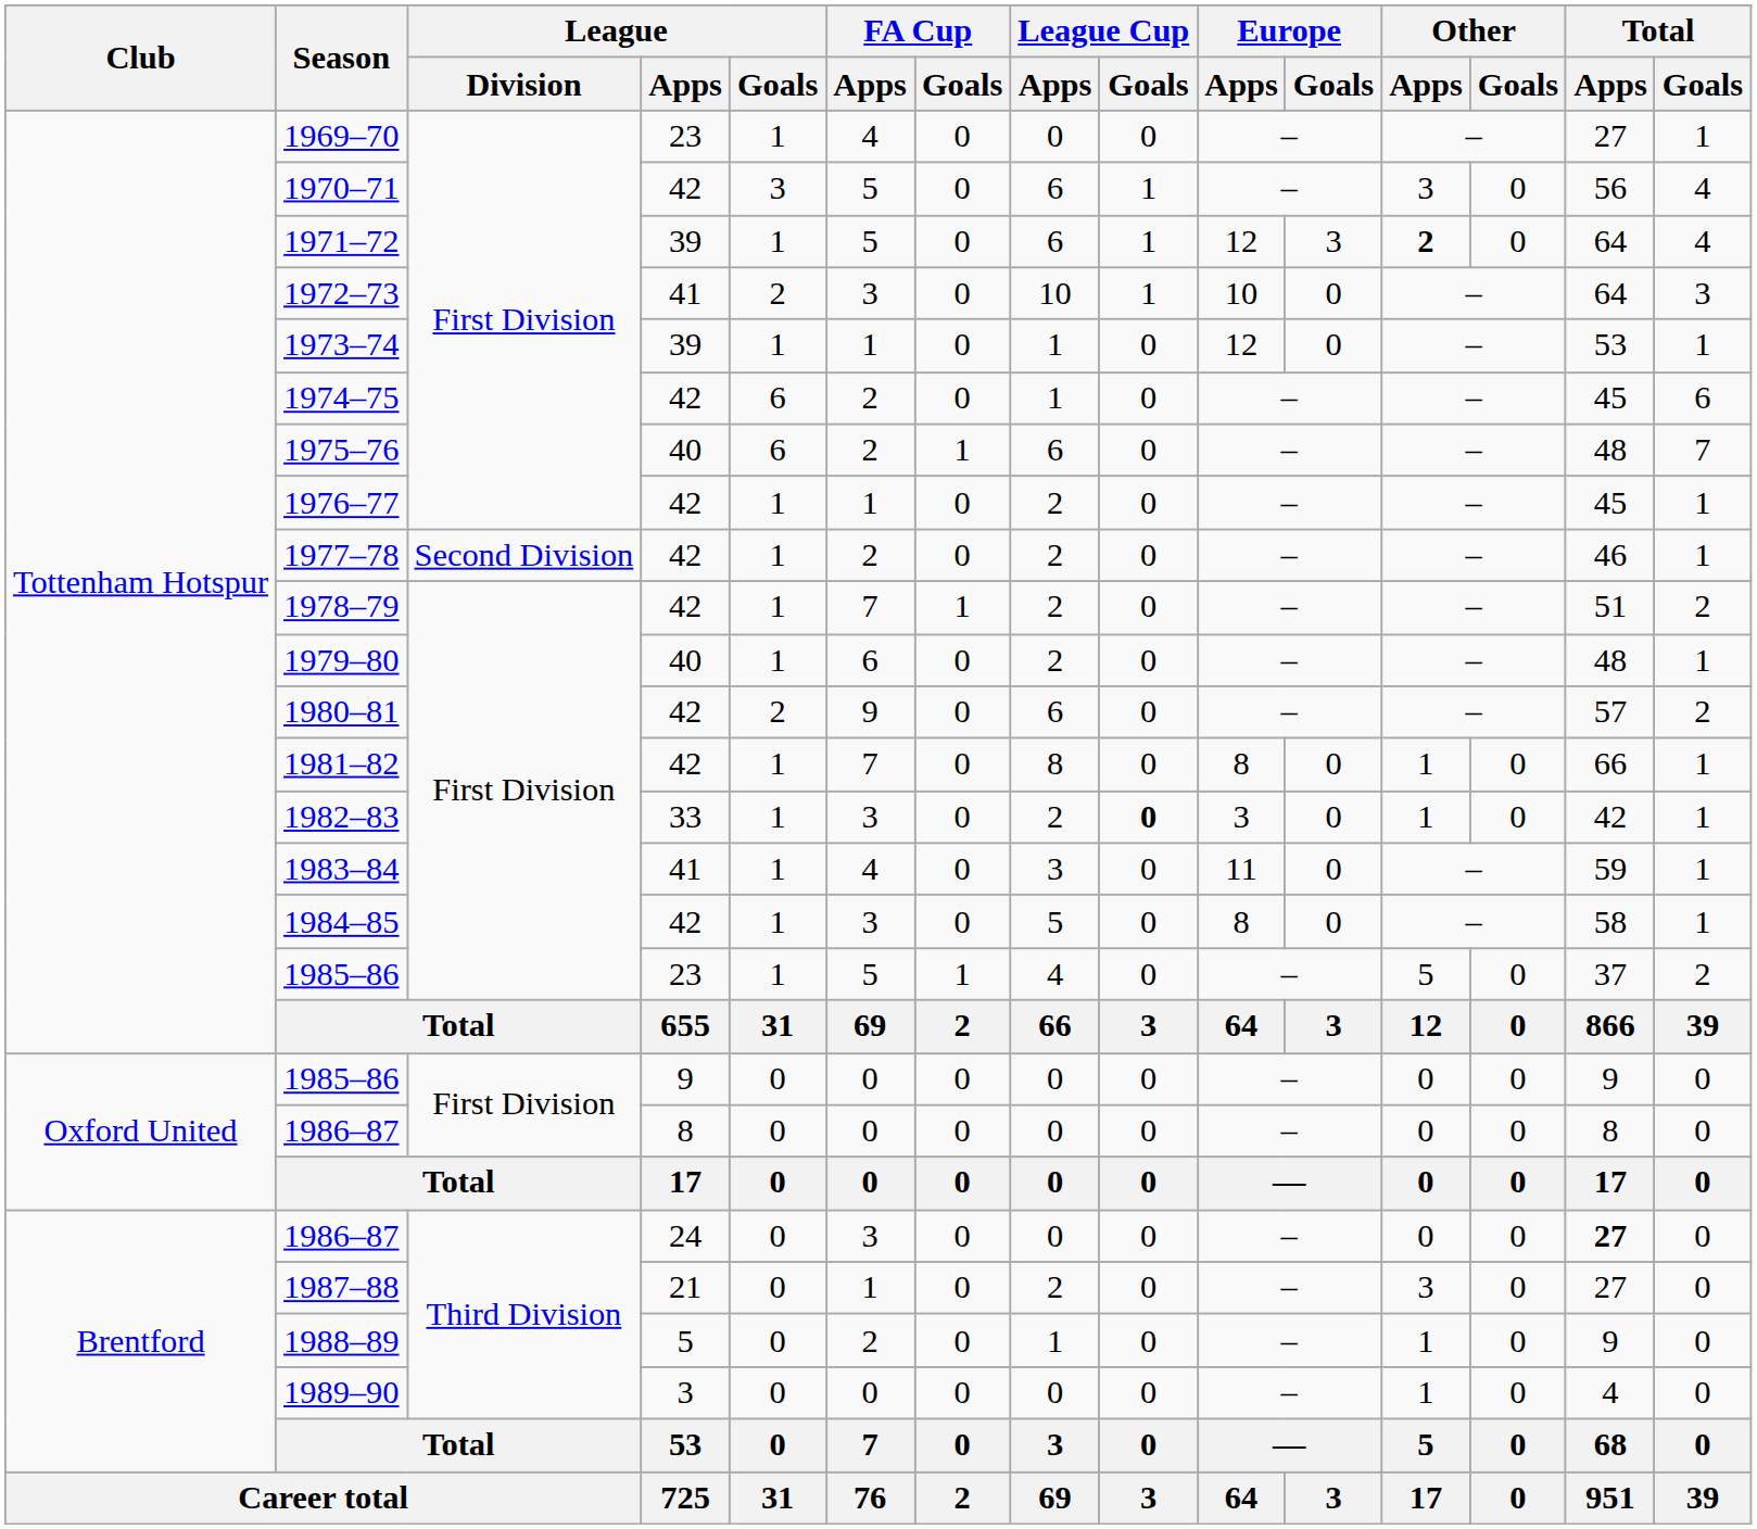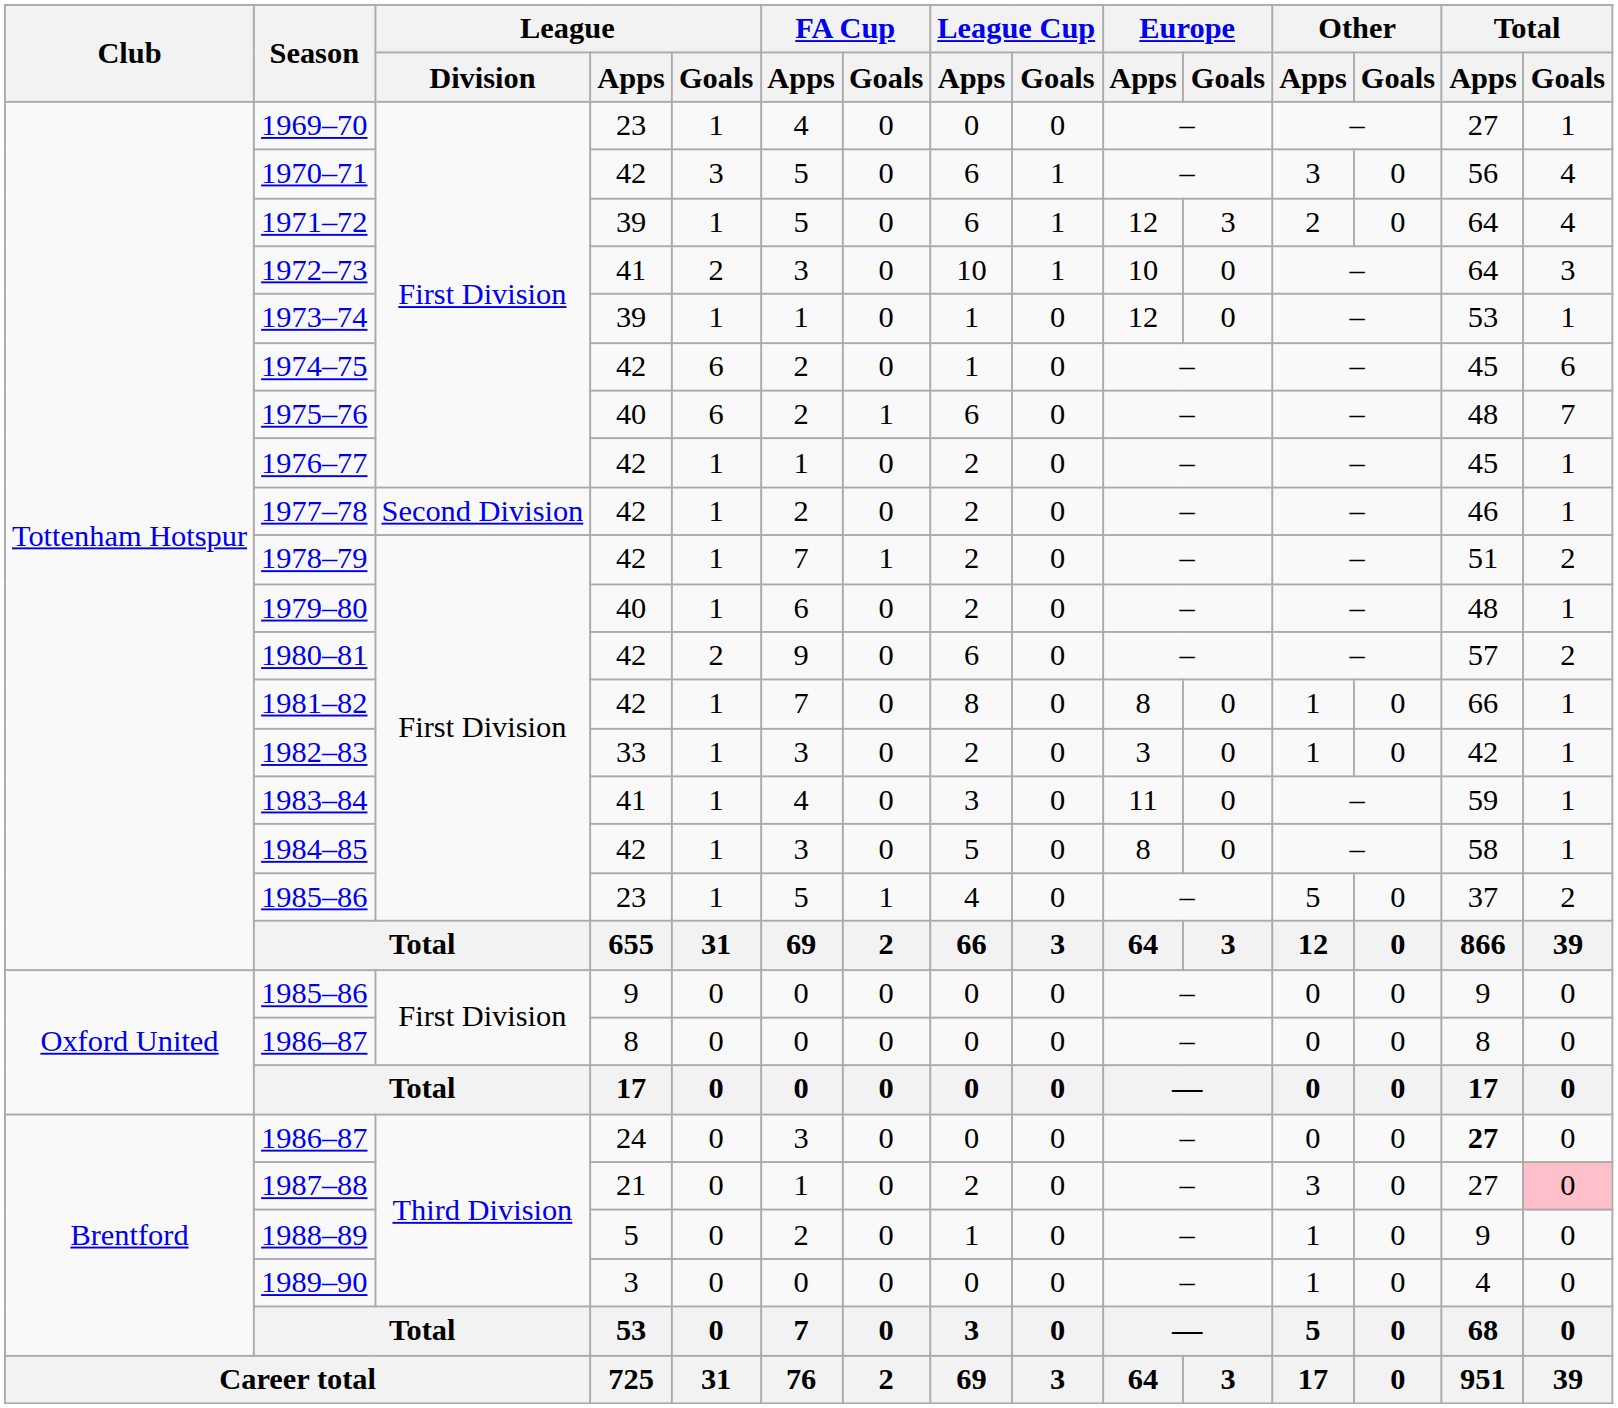 <table class="wikitable" style="text-align:center">
 <tr>
 <th rowspan="2">Club</th>
 <th rowspan="2">Season</th>
 <th colspan="3">League</th>
 <th colspan="2"><a href='#'>FA Cup</a></th>
 <th colspan="2"><a href='#'>League Cup</a></th>
 <th colspan="2"><a href='#'>Europe</a></th>
 <th colspan=2>Other</th>
 <th colspan="2">Total</th>
 </tr>
 <tr>
 <th>Division</th>
 <th>Apps</th>
 <th>Goals</th>
 <th>Apps</th>
 <th>Goals</th>
 <th>Apps</th>
 <th>Goals</th>
 <th>Apps</th>
 <th>Goals</th>
 <th>Apps</th>
 <th>Goals</th>
 <th>Apps</th>
 <th>Goals</th>
 </tr>
 <tr>
 <td rowspan="18"><a href='#'>Tottenham Hotspur</a></td>
 <td><a href='#'>1969–70</a></td>
 <td rowspan="8"><a href='#'>First Division</a></td>
 <td>23</td>
 <td>1</td>
 <td>4</td>
 <td>0</td>
 <td>0</td>
 <td>0</td>
 <td colspan="2">–</td>
 <td colspan="2">–</td>
 <td>27</td>
 <td>1</td>
 </tr>
 <tr>
 <td><a href='#'>1970–71</a></td>
 <td>42</td>
 <td>3</td>
 <td>5</td>
 <td>0</td>
 <td>6</td>
 <td>1</td>
 <td colspan="2">–</td>
 <td>3</td>
 <td>0</td>
 <td>56</td>
 <td>4</td>
 </tr>
 <tr>
 <td><a href='#'>1971–72</a></td>
 <td>39</td>
 <td>1</td>
 <td>5</td>
 <td>0</td>
 <td>6</td>
 <td>1</td>
 <td>12</td>
 <td>3</td>
-<td><strong>2</strong></td>
+<td>2</td>
 <td>0</td>
 <td>64</td>
 <td>4</td>
 </tr>
 <tr>
 <td><a href='#'>1972–73</a></td>
 <td>41</td>
 <td>2</td>
 <td>3</td>
 <td>0</td>
 <td>10</td>
 <td>1</td>
 <td>10</td>
 <td>0</td>
 <td colspan="2">–</td>
 <td>64</td>
 <td>3</td>
 </tr>
 <tr>
 <td><a href='#'>1973–74</a></td>
 <td>39</td>
 <td>1</td>
 <td>1</td>
 <td>0</td>
 <td>1</td>
 <td>0</td>
 <td>12</td>
 <td>0</td>
 <td colspan="2">–</td>
 <td>53</td>
 <td>1</td>
 </tr>
 <tr>
 <td><a href='#'>1974–75</a></td>
 <td>42</td>
 <td>6</td>
 <td>2</td>
 <td>0</td>
 <td>1</td>
 <td>0</td>
 <td colspan="2">–</td>
 <td colspan="2">–</td>
 <td>45</td>
 <td>6</td>
 </tr>
 <tr>
 <td><a href='#'>1975–76</a></td>
 <td>40</td>
 <td>6</td>
 <td>2</td>
 <td>1</td>
 <td>6</td>
 <td>0</td>
 <td colspan="2">–</td>
 <td colspan="2">–</td>
 <td>48</td>
 <td>7</td>
 </tr>
 <tr>
 <td><a href='#'>1976–77</a></td>
 <td>42</td>
 <td>1</td>
 <td>1</td>
 <td>0</td>
 <td>2</td>
 <td>0</td>
 <td colspan="2">–</td>
 <td colspan="2">–</td>
 <td>45</td>
 <td>1</td>
 </tr>
 <tr>
 <td><a href='#'>1977–78</a></td>
 <td><a href='#'>Second Division</a></td>
 <td>42</td>
 <td>1</td>
 <td>2</td>
 <td>0</td>
 <td>2</td>
 <td>0</td>
 <td colspan="2">–</td>
 <td colspan="2">–</td>
 <td>46</td>
 <td>1</td>
 </tr>
 <tr>
 <td><a href='#'>1978–79</a></td>
 <td rowspan="8">First Division</td>
 <td>42</td>
 <td>1</td>
 <td>7</td>
 <td>1</td>
 <td>2</td>
 <td>0</td>
 <td colspan="2">–</td>
 <td colspan="2">–</td>
 <td>51</td>
 <td>2</td>
 </tr>
 <tr>
 <td><a href='#'>1979–80</a></td>
 <td>40</td>
 <td>1</td>
 <td>6</td>
 <td>0</td>
 <td>2</td>
 <td>0</td>
 <td colspan="2">–</td>
 <td colspan="2">–</td>
 <td>48</td>
 <td>1</td>
 </tr>
 <tr>
 <td><a href='#'>1980–81</a></td>
 <td>42</td>
 <td>2</td>
 <td>9</td>
 <td>0</td>
 <td>6</td>
 <td>0</td>
 <td colspan="2">–</td>
 <td colspan="2">–</td>
 <td>57</td>
 <td>2</td>
 </tr>
 <tr>
 <td><a href='#'>1981–82</a></td>
 <td>42</td>
 <td>1</td>
 <td>7</td>
 <td>0</td>
 <td>8</td>
 <td>0</td>
 <td>8</td>
 <td>0</td>
 <td>1</td>
 <td>0</td>
 <td>66</td>
 <td>1</td>
 </tr>
 <tr>
 <td><a href='#'>1982–83</a></td>
 <td>33</td>
 <td>1</td>
 <td>3</td>
 <td>0</td>
 <td>2</td>
-<td><strong>0</strong></td>
+<td>0</td>
 <td>3</td>
 <td>0</td>
 <td>1</td>
 <td>0</td>
 <td>42</td>
 <td>1</td>
 </tr>
 <tr>
 <td><a href='#'>1983–84</a></td>
 <td>41</td>
 <td>1</td>
 <td>4</td>
 <td>0</td>
 <td>3</td>
 <td>0</td>
 <td>11</td>
 <td>0</td>
 <td colspan="2">–</td>
 <td>59</td>
 <td>1</td>
 </tr>
 <tr>
 <td><a href='#'>1984–85</a></td>
 <td>42</td>
 <td>1</td>
 <td>3</td>
 <td>0</td>
 <td>5</td>
 <td>0</td>
 <td>8</td>
 <td>0</td>
 <td colspan="2">–</td>
 <td>58</td>
 <td>1</td>
 </tr>
 <tr>
 <td><a href='#'>1985–86</a></td>
 <td>23</td>
 <td>1</td>
 <td>5</td>
 <td>1</td>
 <td>4</td>
 <td>0</td>
 <td colspan="2">–</td>
 <td>5</td>
 <td>0</td>
 <td>37</td>
 <td>2</td>
 </tr>
 <tr>
 <th colspan="2">Total</th>
 <th>655</th>
 <th>31</th>
 <th>69</th>
 <th>2</th>
 <th>66</th>
 <th>3</th>
 <th>64</th>
 <th>3</th>
 <th>12</th>
 <th>0</th>
 <th>866</th>
 <th>39</th>
 </tr>
 <tr>
 <td rowspan="3"><a href='#'>Oxford United</a></td>
 <td><a href='#'>1985–86</a></td>
 <td rowspan="2">First Division</td>
 <td>9</td>
 <td>0</td>
 <td>0</td>
 <td>0</td>
 <td>0</td>
 <td>0</td>
 <td colspan="2">–</td>
 <td>0</td>
 <td>0</td>
 <td>9</td>
 <td>0</td>
 </tr>
 <tr>
 <td><a href='#'>1986–87</a></td>
 <td>8</td>
 <td>0</td>
 <td>0</td>
 <td>0</td>
 <td>0</td>
 <td>0</td>
 <td colspan="2">–</td>
 <td>0</td>
 <td>0</td>
 <td>8</td>
 <td>0</td>
 </tr>
 <tr>
 <th colspan="2">Total</th>
 <th>17</th>
 <th>0</th>
 <th>0</th>
 <th>0</th>
 <th>0</th>
 <th>0</th>
 <th colspan="2">—</th>
 <th>0</th>
 <th>0</th>
 <th>17</th>
 <th>0</th>
 </tr>
 <tr>
 <td rowspan="5"><a href='#'>Brentford</a></td>
 <td><a href='#'>1986–87</a></td>
 <td rowspan="4"><a href='#'>Third Division</a></td>
 <td>24</td>
 <td>0</td>
 <td>3</td>
 <td>0</td>
 <td>0</td>
 <td>0</td>
 <td colspan="2">–</td>
 <td>0</td>
 <td>0</td>
 <td><strong>27</strong></td>
 <td>0</td>
 </tr>
 <tr>
 <td><a href='#'>1987–88</a></td>
 <td>21</td>
 <td>0</td>
 <td>1</td>
 <td>0</td>
 <td>2</td>
 <td>0</td>
 <td colspan="2">–</td>
 <td>3</td>
 <td>0</td>
 <td>27</td>
-<td>0</td>
+<td style="background: pink;">0</td>
 </tr>
 <tr>
 <td><a href='#'>1988–89</a></td>
 <td>5</td>
 <td>0</td>
 <td>2</td>
 <td>0</td>
 <td>1</td>
 <td>0</td>
 <td colspan="2">–</td>
 <td>1</td>
 <td>0</td>
 <td>9</td>
 <td>0</td>
 </tr>
 <tr>
 <td><a href='#'>1989–90</a></td>
 <td>3</td>
 <td>0</td>
 <td>0</td>
 <td>0</td>
 <td>0</td>
 <td>0</td>
 <td colspan="2">–</td>
 <td>1</td>
 <td>0</td>
 <td>4</td>
 <td>0</td>
 </tr>
 <tr>
 <th colspan="2">Total</th>
 <th>53</th>
 <th>0</th>
 <th>7</th>
 <th>0</th>
 <th>3</th>
 <th>0</th>
 <th colspan="2">—</th>
 <th>5</th>
 <th>0</th>
 <th>68</th>
 <th>0</th>
 </tr>
 <tr>
 <th colspan="3">Career total</th>
 <th>725</th>
 <th>31</th>
 <th>76</th>
 <th>2</th>
 <th>69</th>
 <th>3</th>
 <th>64</th>
 <th>3</th>
 <th>17</th>
 <th>0</th>
 <th>951</th>
 <th>39</th>
 </tr>
 </table>
